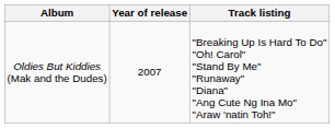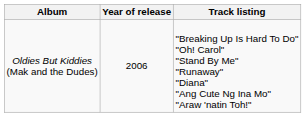 <table class="wikitable">
 <tr>
 <th align="left">Album</th>
 <th align="left">Year of release</th>
 <th align="left">Track listing</th>
 </tr>
 <tr>
 <td align="center"><em>Oldies But Kiddies</em><br>(Mak and the Dudes)</td>
-<td align="center">2007</td>
+<td align="center">2006</td>
 <td align="left"><br>"Breaking Up Is Hard To Do"<br> "Oh! Carol"<br> "Stand By Me"<br> "Runaway"<br> "Diana"<br> "Ang Cute Ng Ina Mo"<br> "Araw 'natin Toh!"<br></td>
 </tr>
 </table>
